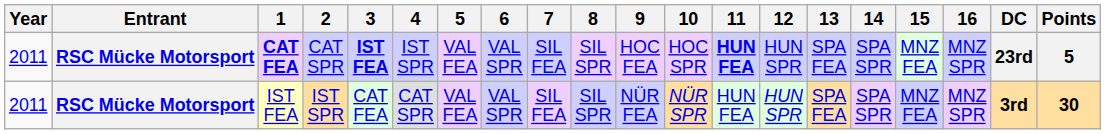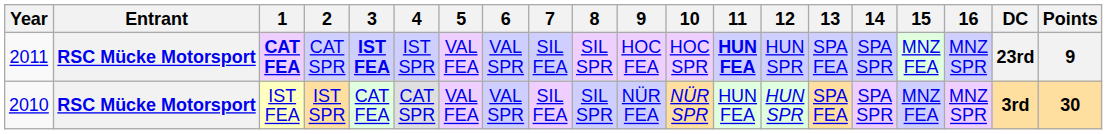 <table class="wikitable" style="text-align:center; font-size:85%">
 <tr>
 <th>Year</th>
 <th>Entrant</th>
 <th>1</th>
 <th>2</th>
 <th>3</th>
 <th>4</th>
 <th>5</th>
 <th>6</th>
 <th>7</th>
 <th>8</th>
 <th>9</th>
 <th>10</th>
 <th>11</th>
 <th>12</th>
 <th>13</th>
 <th>14</th>
 <th>15</th>
 <th>16</th>
 <th>DC</th>
 <th>Points</th>
 </tr>
 <tr>
 <td><a href='#'>2011</a></td>
 <th nowrap><a href='#'>RSC Mücke Motorsport</a></th>
 <td style="background:#efcfff;"><strong><a href='#'>CAT<br>FEA</a></strong><br></td>
 <td style="background:#cfcfff;"><a href='#'>CAT<br>SPR</a><br></td>
 <td style="background:#cfcfff;"><strong><a href='#'>IST<br>FEA</a></strong><br></td>
 <td style="background:#cfcfff;"><a href='#'>IST<br>SPR</a><br></td>
 <td style="background:#efcfff;"><a href='#'>VAL<br>FEA</a><br></td>
 <td style="background:#cfcfff;"><a href='#'>VAL<br>SPR</a><br></td>
 <td style="background:#cfcfff;"><a href='#'>SIL<br>FEA</a><br></td>
 <td style="background:#efcfff;"><a href='#'>SIL<br>SPR</a><br></td>
 <td style="background:#efcfff;"><a href='#'>HOC<br>FEA</a><br></td>
 <td style="background:#efcfff;"><a href='#'>HOC<br>SPR</a><br></td>
 <td style="background:#cfcfff;"><strong><a href='#'>HUN<br>FEA</a><br></strong></td>
 <td style="background:#cfcfff;"><a href='#'>HUN<br>SPR</a><br></td>
 <td style="background:#cfcfff;"><a href='#'>SPA<br>FEA</a><br></td>
 <td style="background:#cfcfff;"><a href='#'>SPA<br>SPR</a><br></td>
 <td style="background:#dfffdf;"><a href='#'>MNZ<br>FEA</a><br></td>
 <td style="background:#cfcfff;"><a href='#'>MNZ<br>SPR</a><br></td>
 <th>23rd</th>
-<th>5</th>
+<th>9</th>
 </tr>
 <tr>
-<td><a href='#'>2011</a></td>
+<td><a href='#'>2010</a></td>
 <th nowrap><a href='#'>RSC Mücke Motorsport</a></th>
 <td style="background:#FFFFBF;"><a href='#'>IST<br>FEA</a><br></td>
 <td style="background:#ffdf9f;"><a href='#'>IST<br>SPR</a><br></td>
 <td style="background:#dfffdf;"><a href='#'>CAT<br>FEA</a><br></td>
 <td style="background:#dfdfdf;"><a href='#'>CAT<br>SPR</a><br></td>
 <td style="background:#efcfff;"><a href='#'>VAL<br>FEA</a><br></td>
 <td style="background:#cfcfff;"><a href='#'>VAL<br>SPR</a><br></td>
 <td style="background:#efcfff;"><a href='#'>SIL<br>FEA</a><br></td>
 <td style="background:#cfcfff;"><a href='#'>SIL<br>SPR</a><br></td>
 <td style="background:#cfcfff;"><a href='#'>NÜR<br>FEA</a><br></td>
 <td style="background:#ffdf9f;"><em><a href='#'>NÜR<br>SPR</a></em><br></td>
 <td style="background:#dfffdf;"><a href='#'>HUN<br>FEA</a><br></td>
 <td style="background:#dfffdf;"><em><a href='#'>HUN<br>SPR</a></em><br></td>
 <td style="background:#ffdf9f;"><a href='#'>SPA<br>FEA</a><br></td>
 <td style="background:#efcfff;"><a href='#'>SPA<br>SPR</a><br></td>
 <td style="background:#cfcfff;"><a href='#'>MNZ<br>FEA</a><br></td>
 <td style="background:#efcfff;"><a href='#'>MNZ<br>SPR</a><br></td>
 <td style="background:#ffdf9f;"><strong>3rd</strong></td>
 <td style="background:#ffdf9f;"><strong>30</strong></td>
 </tr>
 </table>
